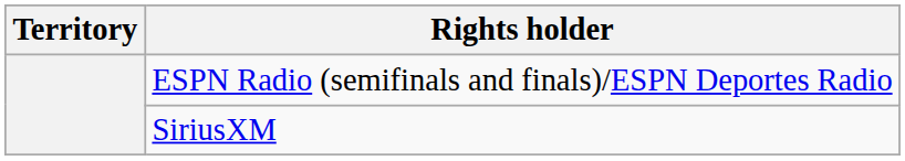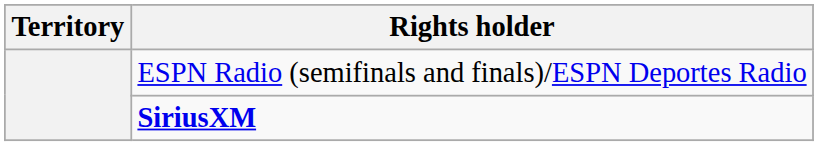 <table class="wikitable plainrowheaders">
 <tr>
 <th scope="col">Territory</th>
 <th scope="col">Rights holder</th>
 </tr>
 <tr>
 <th scope="row" rowspan=2></th>
 <td><a href='#'>ESPN Radio</a> (semifinals and finals)/<a href='#'>ESPN Deportes Radio</a></td>
 </tr>
 <tr>
-<td><a href='#'>SiriusXM</a></td>
+<td><strong><a href='#'>SiriusXM</a></strong></td>
 </tr>
 </table>
